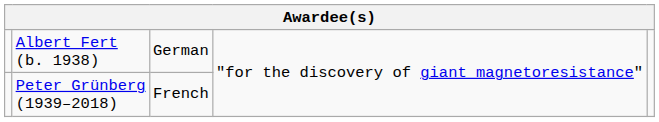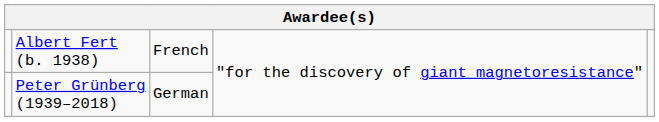 <table class="wikitable">
 <tr>
 <th colspan="5">Awardee(s)</th>
 </tr>
 <tr>
 <td></td>
 <td><a href='#'>Albert Fert</a><br>(b. 1938)</td>
-<td> German</td>
+<td> French</td>
 <td rowspan="2">"for the discovery of <a href='#'>giant magnetoresistance</a>"</td>
 <td rowspan="2"></td>
 </tr>
 <tr>
 <td></td>
 <td><a href='#'>Peter Grünberg</a><br>(1939–2018)</td>
-<td> French</td>
+<td> German</td>
 </tr>
 </table>
